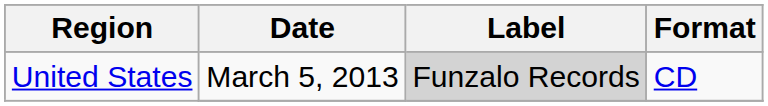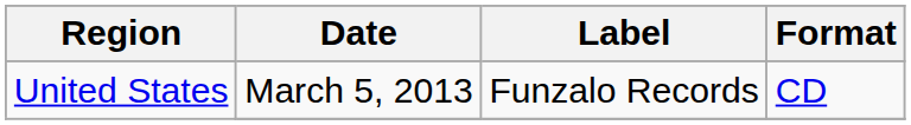 <table class="wikitable">
 <tr>
 <th>Region</th>
 <th>Date</th>
 <th>Label</th>
 <th>Format</th>
 </tr>
 <tr>
 <td rowspan="2"><a href='#'>United States</a></td>
 <td>March 5, 2013</td>
-<td style="background: lightgrey;">Funzalo Records</td>
+<td>Funzalo Records</td>
 <td><a href='#'>CD</a></td>
 </tr>
 <tr>
 </tr>
 </table>
